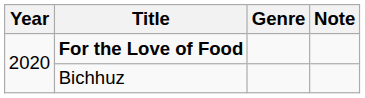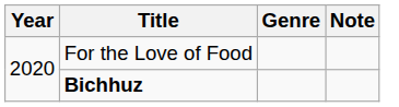 <table class="wikitable">
 <tr>
 <th>Year</th>
 <th>Title</th>
 <th>Genre</th>
 <th>Note</th>
 </tr>
 <tr>
 <td rowspan="2">2020</td>
-<td><strong>For the Love of Food</strong></td>
+<td>For the Love of Food</td>
 <td></td>
 <td></td>
 </tr>
 <tr>
-<td>Bichhuz</td>
+<td><strong>Bichhuz</strong></td>
 <td></td>
 <td></td>
 </tr>
 </table>
